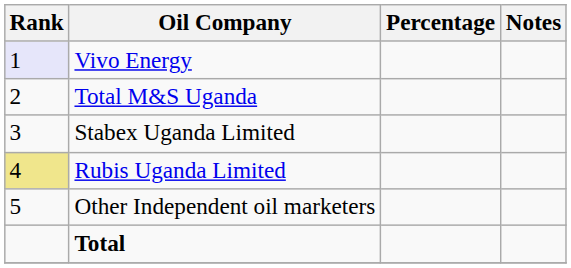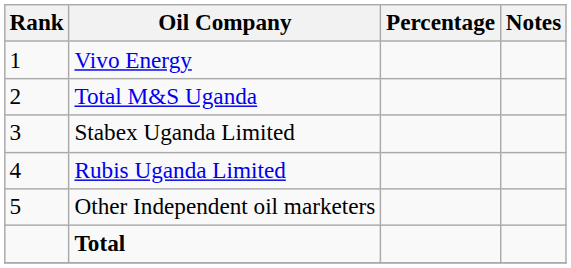 <table class="wikitable sortable" style="margin: 0.5em auto">
 <tr>
 <th>Rank</th>
 <th>Oil Company</th>
 <th>Percentage</th>
 <th>Notes</th>
 </tr>
 <tr>
-<td style="background: lavender;">1</td>
+<td>1</td>
 <td><a href='#'>Vivo Energy</a></td>
 <td></td>
 <td></td>
 </tr>
 <tr>
 <td>2</td>
 <td><a href='#'>Total M&S Uganda</a></td>
 <td></td>
 <td></td>
 </tr>
 <tr>
 <td>3</td>
 <td>Stabex Uganda Limited</td>
 <td></td>
 <td></td>
 </tr>
 <tr>
-<td style="background: khaki;">4</td>
+<td>4</td>
 <td><a href='#'>Rubis Uganda Limited</a></td>
 <td></td>
 <td></td>
 </tr>
 <tr>
 <td>5</td>
 <td>Other Independent oil marketers</td>
 <td></td>
 <td></td>
 </tr>
 <tr>
 <td></td>
 <td><strong>Total</strong></td>
 <td></td>
 <td></td>
 </tr>
 <tr>
 </tr>
 </table>
